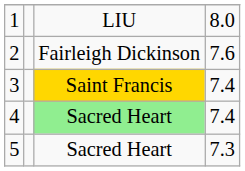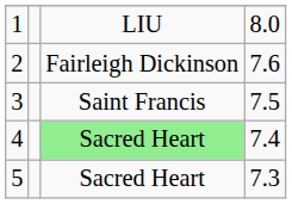 <table class="wikitable sortable" style="text-align:center" style="font-size:90%;">
 <tr>
 </tr>
 <tr>
 <td>1</td>
 <td></td>
 <td>LIU</td>
 <td>8.0</td>
 </tr>
 <tr>
 <td>2</td>
 <td></td>
 <td>Fairleigh Dickinson</td>
 <td>7.6</td>
 </tr>
 <tr>
 <td>3</td>
 <td></td>
-<td style="background: gold;">Saint Francis</td>
-<td>7.4</td>
+<td>Saint Francis</td>
+<td>7.5</td>
 </tr>
 <tr>
 <td>4</td>
 <td></td>
 <td style="background: lightgreen;">Sacred Heart</td>
 <td>7.4</td>
 </tr>
 <tr>
 <td>5</td>
 <td></td>
 <td>Sacred Heart</td>
 <td>7.3</td>
 </tr>
 </table>
